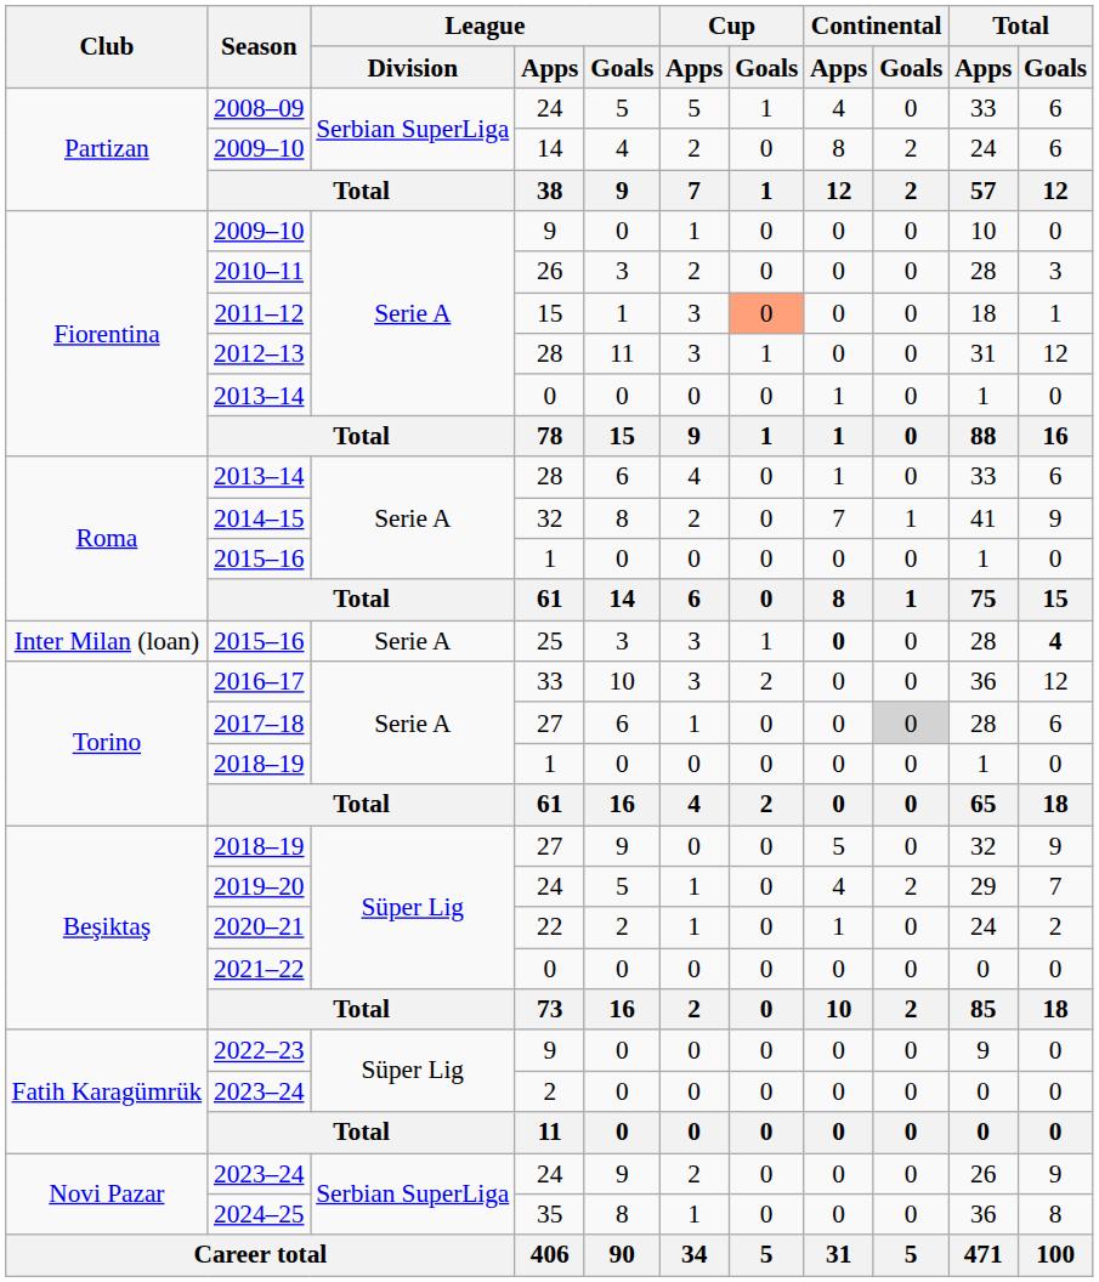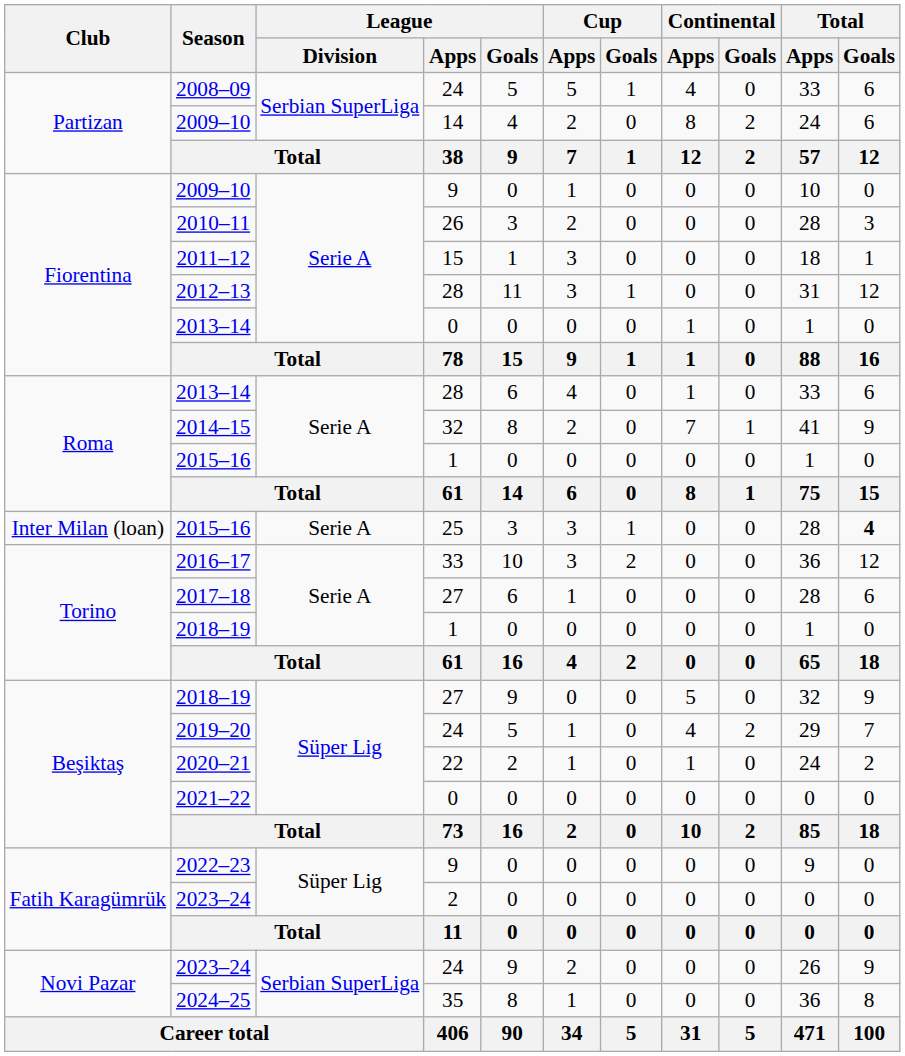 <table class="wikitable" style="text-align:center">
 <tr>
 <th rowspan="2">Club</th>
 <th rowspan="2">Season</th>
 <th colspan="3">League</th>
 <th colspan="2">Cup</th>
 <th colspan="2">Continental</th>
 <th colspan="2">Total</th>
 </tr>
 <tr>
 <th>Division</th>
 <th>Apps</th>
 <th>Goals</th>
 <th>Apps</th>
 <th>Goals</th>
 <th>Apps</th>
 <th>Goals</th>
 <th>Apps</th>
 <th>Goals</th>
 </tr>
 <tr>
 <td rowspan="3"><a href='#'>Partizan</a></td>
 <td><a href='#'>2008–09</a></td>
 <td rowspan="2"><a href='#'>Serbian SuperLiga</a></td>
 <td>24</td>
 <td>5</td>
 <td>5</td>
 <td>1</td>
 <td>4</td>
 <td>0</td>
 <td>33</td>
 <td>6</td>
 </tr>
 <tr>
 <td><a href='#'>2009–10</a></td>
 <td>14</td>
 <td>4</td>
 <td>2</td>
 <td>0</td>
 <td>8</td>
 <td>2</td>
 <td>24</td>
 <td>6</td>
 </tr>
 <tr>
 <th colspan="2">Total</th>
 <th>38</th>
 <th>9</th>
 <th>7</th>
 <th>1</th>
 <th>12</th>
 <th>2</th>
 <th>57</th>
 <th>12</th>
 </tr>
 <tr>
 <td rowspan="6"><a href='#'>Fiorentina</a></td>
 <td><a href='#'>2009–10</a></td>
 <td rowspan="5"><a href='#'>Serie A</a></td>
 <td>9</td>
 <td>0</td>
 <td>1</td>
 <td>0</td>
 <td>0</td>
 <td>0</td>
 <td>10</td>
 <td>0</td>
 </tr>
 <tr>
 <td><a href='#'>2010–11</a></td>
 <td>26</td>
 <td>3</td>
 <td>2</td>
 <td>0</td>
 <td>0</td>
 <td>0</td>
 <td>28</td>
 <td>3</td>
 </tr>
 <tr>
 <td><a href='#'>2011–12</a></td>
 <td>15</td>
 <td>1</td>
 <td>3</td>
-<td style="background: lightsalmon;">0</td>
+<td>0</td>
 <td>0</td>
 <td>0</td>
 <td>18</td>
 <td>1</td>
 </tr>
 <tr>
 <td><a href='#'>2012–13</a></td>
 <td>28</td>
 <td>11</td>
 <td>3</td>
 <td>1</td>
 <td>0</td>
 <td>0</td>
 <td>31</td>
 <td>12</td>
 </tr>
 <tr>
 <td><a href='#'>2013–14</a></td>
 <td>0</td>
 <td>0</td>
 <td>0</td>
 <td>0</td>
 <td>1</td>
 <td>0</td>
 <td>1</td>
 <td>0</td>
 </tr>
 <tr>
 <th colspan="2">Total</th>
 <th>78</th>
 <th>15</th>
 <th>9</th>
 <th>1</th>
 <th>1</th>
 <th>0</th>
 <th>88</th>
 <th>16</th>
 </tr>
 <tr>
 <td rowspan="4"><a href='#'>Roma</a></td>
 <td><a href='#'>2013–14</a></td>
 <td rowspan="3">Serie A</td>
 <td>28</td>
 <td>6</td>
 <td>4</td>
 <td>0</td>
 <td>1</td>
 <td>0</td>
 <td>33</td>
 <td>6</td>
 </tr>
 <tr>
 <td><a href='#'>2014–15</a></td>
 <td>32</td>
 <td>8</td>
 <td>2</td>
 <td>0</td>
 <td>7</td>
 <td>1</td>
 <td>41</td>
 <td>9</td>
 </tr>
 <tr>
 <td><a href='#'>2015–16</a></td>
 <td>1</td>
 <td>0</td>
 <td>0</td>
 <td>0</td>
 <td>0</td>
 <td>0</td>
 <td>1</td>
 <td>0</td>
 </tr>
 <tr>
 <th colspan="2">Total</th>
 <th>61</th>
 <th>14</th>
 <th>6</th>
 <th>0</th>
 <th>8</th>
 <th>1</th>
 <th>75</th>
 <th>15</th>
 </tr>
 <tr>
 <td><a href='#'>Inter Milan</a> (loan)</td>
 <td><a href='#'>2015–16</a></td>
 <td>Serie A</td>
 <td>25</td>
 <td>3</td>
 <td>3</td>
 <td>1</td>
-<td><strong>0</strong></td>
+<td>0</td>
 <td>0</td>
 <td>28</td>
 <td><strong>4</strong></td>
 </tr>
 <tr>
 <td rowspan="4"><a href='#'>Torino</a></td>
 <td><a href='#'>2016–17</a></td>
 <td rowspan="3">Serie A</td>
 <td>33</td>
 <td>10</td>
 <td>3</td>
 <td>2</td>
 <td>0</td>
 <td>0</td>
 <td>36</td>
 <td>12</td>
 </tr>
 <tr>
 <td><a href='#'>2017–18</a></td>
 <td>27</td>
 <td>6</td>
 <td>1</td>
 <td>0</td>
 <td>0</td>
-<td style="background: lightgrey;">0</td>
+<td>0</td>
 <td>28</td>
 <td>6</td>
 </tr>
 <tr>
 <td><a href='#'>2018–19</a></td>
 <td>1</td>
 <td>0</td>
 <td>0</td>
 <td>0</td>
 <td>0</td>
 <td>0</td>
 <td>1</td>
 <td>0</td>
 </tr>
 <tr>
 <th colspan="2">Total</th>
 <th>61</th>
 <th>16</th>
 <th>4</th>
 <th>2</th>
 <th>0</th>
 <th>0</th>
 <th>65</th>
 <th>18</th>
 </tr>
 <tr>
 <td rowspan="5"><a href='#'>Beşiktaş</a></td>
 <td><a href='#'>2018–19</a></td>
 <td rowspan="4"><a href='#'>Süper Lig</a></td>
 <td>27</td>
 <td>9</td>
 <td>0</td>
 <td>0</td>
 <td>5</td>
 <td>0</td>
 <td>32</td>
 <td>9</td>
 </tr>
 <tr>
 <td><a href='#'>2019–20</a></td>
 <td>24</td>
 <td>5</td>
 <td>1</td>
 <td>0</td>
 <td>4</td>
 <td>2</td>
 <td>29</td>
 <td>7</td>
 </tr>
 <tr>
 <td><a href='#'>2020–21</a></td>
 <td>22</td>
 <td>2</td>
 <td>1</td>
 <td>0</td>
 <td>1</td>
 <td>0</td>
 <td>24</td>
 <td>2</td>
 </tr>
 <tr>
 <td><a href='#'>2021–22</a></td>
 <td>0</td>
 <td>0</td>
 <td>0</td>
 <td>0</td>
 <td>0</td>
 <td>0</td>
 <td>0</td>
 <td>0</td>
 </tr>
 <tr>
 <th colspan="2">Total</th>
 <th>73</th>
 <th>16</th>
 <th>2</th>
 <th>0</th>
 <th>10</th>
 <th>2</th>
 <th>85</th>
 <th>18</th>
 </tr>
 <tr>
 <td rowspan="3"><a href='#'>Fatih Karagümrük</a></td>
 <td><a href='#'>2022–23</a></td>
 <td rowspan="2">Süper Lig</td>
 <td>9</td>
 <td>0</td>
 <td>0</td>
 <td>0</td>
 <td>0</td>
 <td>0</td>
 <td>9</td>
 <td>0</td>
 </tr>
 <tr>
 <td><a href='#'>2023–24</a></td>
 <td>2</td>
 <td>0</td>
 <td>0</td>
 <td>0</td>
 <td>0</td>
 <td>0</td>
 <td>0</td>
 <td>0</td>
 </tr>
 <tr>
 <th colspan="2">Total</th>
 <th>11</th>
 <th>0</th>
 <th>0</th>
 <th>0</th>
 <th>0</th>
 <th>0</th>
 <th>0</th>
 <th>0</th>
 </tr>
 <tr>
 <td rowspan="2"><a href='#'>Novi Pazar</a></td>
 <td><a href='#'>2023–24</a></td>
 <td rowspan="2"><a href='#'>Serbian SuperLiga</a></td>
 <td>24</td>
 <td>9</td>
 <td>2</td>
 <td>0</td>
 <td>0</td>
 <td>0</td>
 <td>26</td>
 <td>9</td>
 </tr>
 <tr>
 <td><a href='#'>2024–25</a></td>
 <td>35</td>
 <td>8</td>
 <td>1</td>
 <td>0</td>
 <td>0</td>
 <td>0</td>
 <td>36</td>
 <td>8</td>
 </tr>
 <tr>
 <th colspan="3">Career total</th>
 <th>406</th>
 <th>90</th>
 <th>34</th>
 <th>5</th>
 <th>31</th>
 <th>5</th>
 <th>471</th>
 <th>100</th>
 </tr>
 </table>
